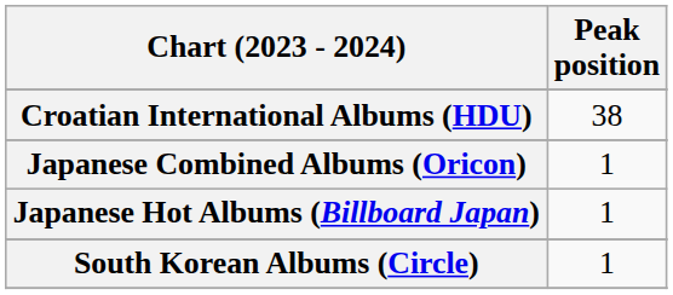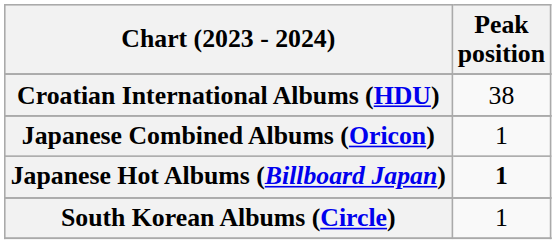 <table class="wikitable plainrowheaders sortable" style="text-align:center">
 <tr>
 <th scope="col">Chart (2023 - 2024)</th>
 <th scope="col">Peak<br>position</th>
 </tr>
 <tr>
 </tr>
 <tr>
 </tr>
 <tr>
 </tr>
 <tr>
 <th scope="row">Croatian International Albums (<a href='#'>HDU</a>)</th>
 <td>38</td>
 </tr>
 <tr>
 </tr>
 <tr>
 </tr>
 <tr>
 </tr>
 <tr>
 </tr>
 <tr>
 </tr>
 <tr>
 <th scope="row">Japanese Combined Albums (<a href='#'>Oricon</a>)</th>
 <td>1</td>
 </tr>
 <tr>
 <th scope="row">Japanese Hot Albums (<em><a href='#'>Billboard Japan</a></em>)</th>
-<td>1</td>
+<td><strong>1</strong></td>
 </tr>
 <tr>
 </tr>
 <tr>
 </tr>
 <tr>
 <th scope="row">South Korean Albums (<a href='#'>Circle</a>)</th>
 <td>1</td>
 </tr>
 <tr>
 </tr>
 <tr>
 </tr>
 <tr>
 </tr>
 <tr>
 </tr>
 <tr>
 </tr>
 </table>
